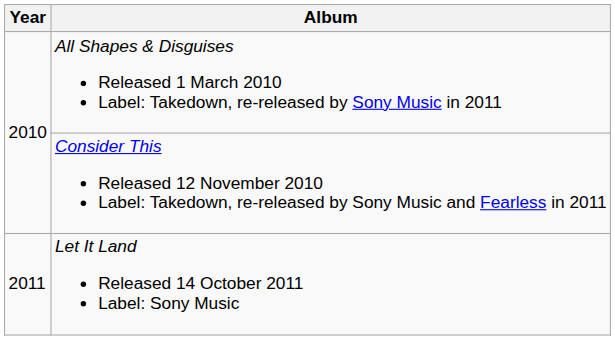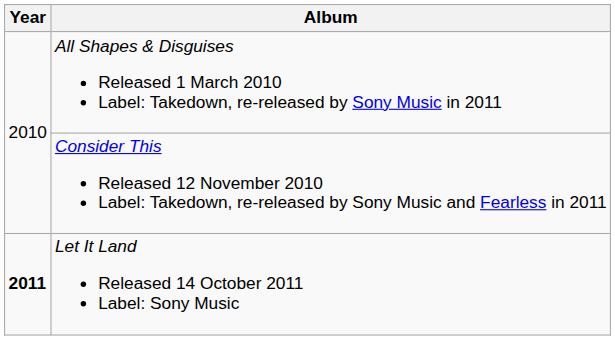 <table class="wikitable">
 <tr>
 <th>Year</th>
 <th>Album</th>
 </tr>
 <tr>
 <td rowspan="2">2010</td>
 <td><em>All Shapes & Disguises</em><br><ul><li>Released 1 March 2010</li><li>Label: Takedown, re-released by <a href='#'>Sony Music</a> in 2011</li></ul></td>
 </tr>
 <tr>
 <td><em><a href='#'>Consider This</a></em><br><ul><li>Released 12 November 2010</li><li>Label: Takedown, re-released by Sony Music and <a href='#'>Fearless</a> in 2011</li></ul></td>
 </tr>
 <tr>
-<td>2011</td>
+<td><strong>2011</strong></td>
 <td><em>Let It Land</em><br><ul><li>Released 14 October 2011</li><li>Label: Sony Music</li></ul></td>
 </tr>
 </table>
